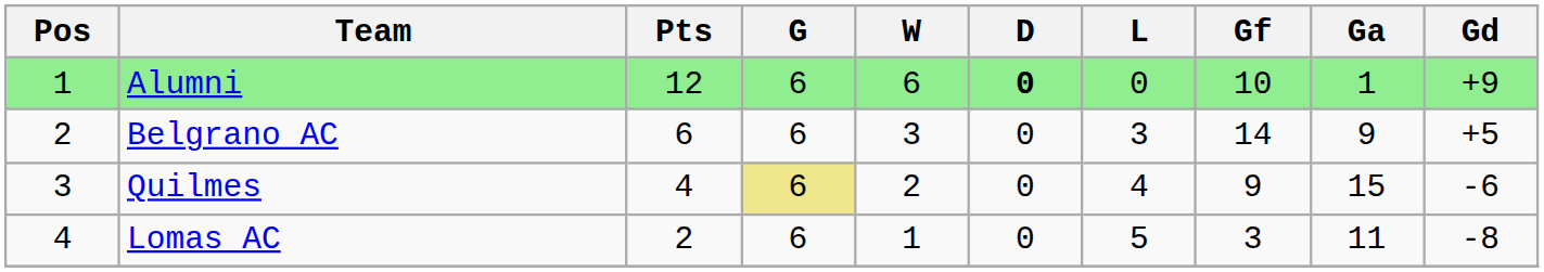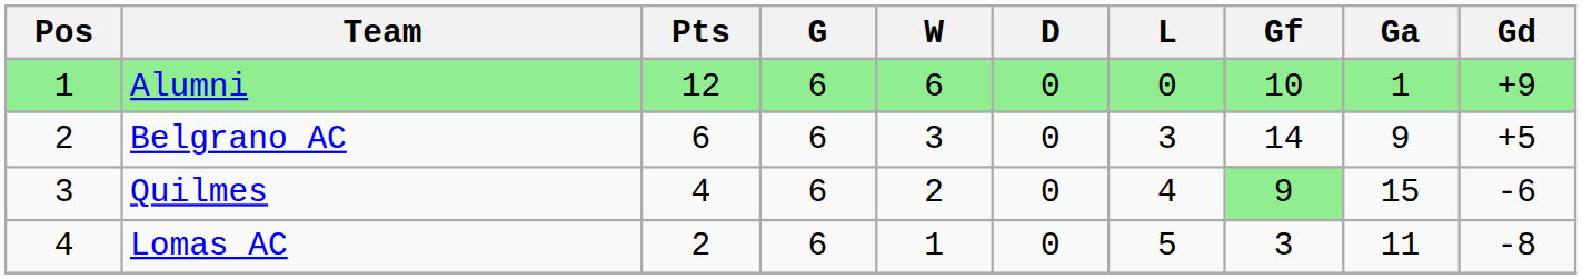 <table class="wikitable" style="text-align:center">
 <tr>
 <th width=40px>Pos</th>
 <th width=200px>Team</th>
 <th width=40px>Pts</th>
 <th width=40px>G</th>
 <th width=40px>W</th>
 <th width=40px>D</th>
 <th width=40px>L</th>
 <th width=40px>Gf</th>
 <th width=40px>Ga</th>
 <th width=40px>Gd</th>
 </tr>
 <tr bgcolor="lightgreen">
 <td>1</td>
 <td align=left><a href='#'>Alumni</a></td>
 <td>12</td>
 <td>6</td>
 <td>6</td>
-<td><strong>0</strong></td>
+<td>0</td>
 <td>0</td>
 <td>10</td>
 <td>1</td>
 <td>+9</td>
 </tr>
 <tr>
 <td>2</td>
 <td align=left><a href='#'>Belgrano AC</a></td>
 <td>6</td>
 <td>6</td>
 <td>3</td>
 <td>0</td>
 <td>3</td>
 <td>14</td>
 <td>9</td>
 <td>+5</td>
 </tr>
 <tr>
 <td>3</td>
 <td align=left><a href='#'>Quilmes</a></td>
 <td>4</td>
-<td style="background: khaki;">6</td>
+<td>6</td>
 <td>2</td>
 <td>0</td>
 <td>4</td>
-<td>9</td>
+<td style="background: lightgreen;">9</td>
 <td>15</td>
 <td>-6</td>
 </tr>
 <tr>
 <td>4</td>
 <td align=left><a href='#'>Lomas AC</a></td>
 <td>2</td>
 <td>6</td>
 <td>1</td>
 <td>0</td>
 <td>5</td>
 <td>3</td>
 <td>11</td>
 <td>-8</td>
 </tr>
 <tr>
 </tr>
 </table>
